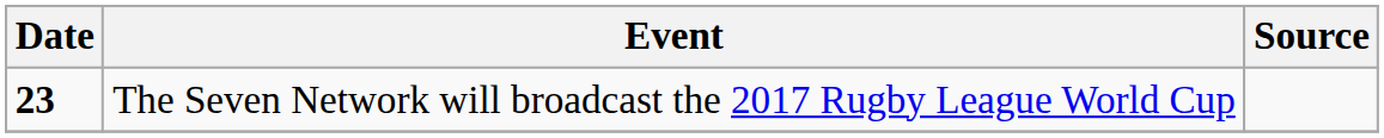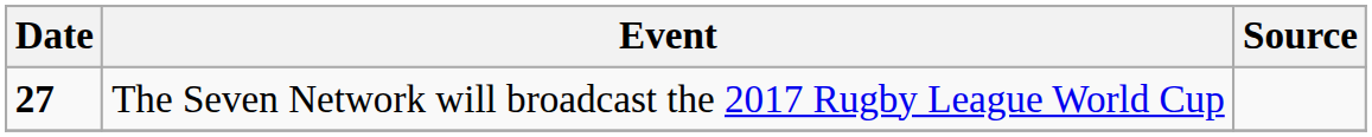 <table class="wikitable">
 <tr>
 <th>Date</th>
 <th>Event</th>
 <th>Source</th>
 </tr>
 <tr>
-<td><strong>23</strong></td>
+<td><strong>27</strong></td>
 <td>The Seven Network will broadcast the <a href='#'>2017 Rugby League World Cup</a></td>
 <td></td>
 </tr>
 <tr>
 </tr>
 </table>
